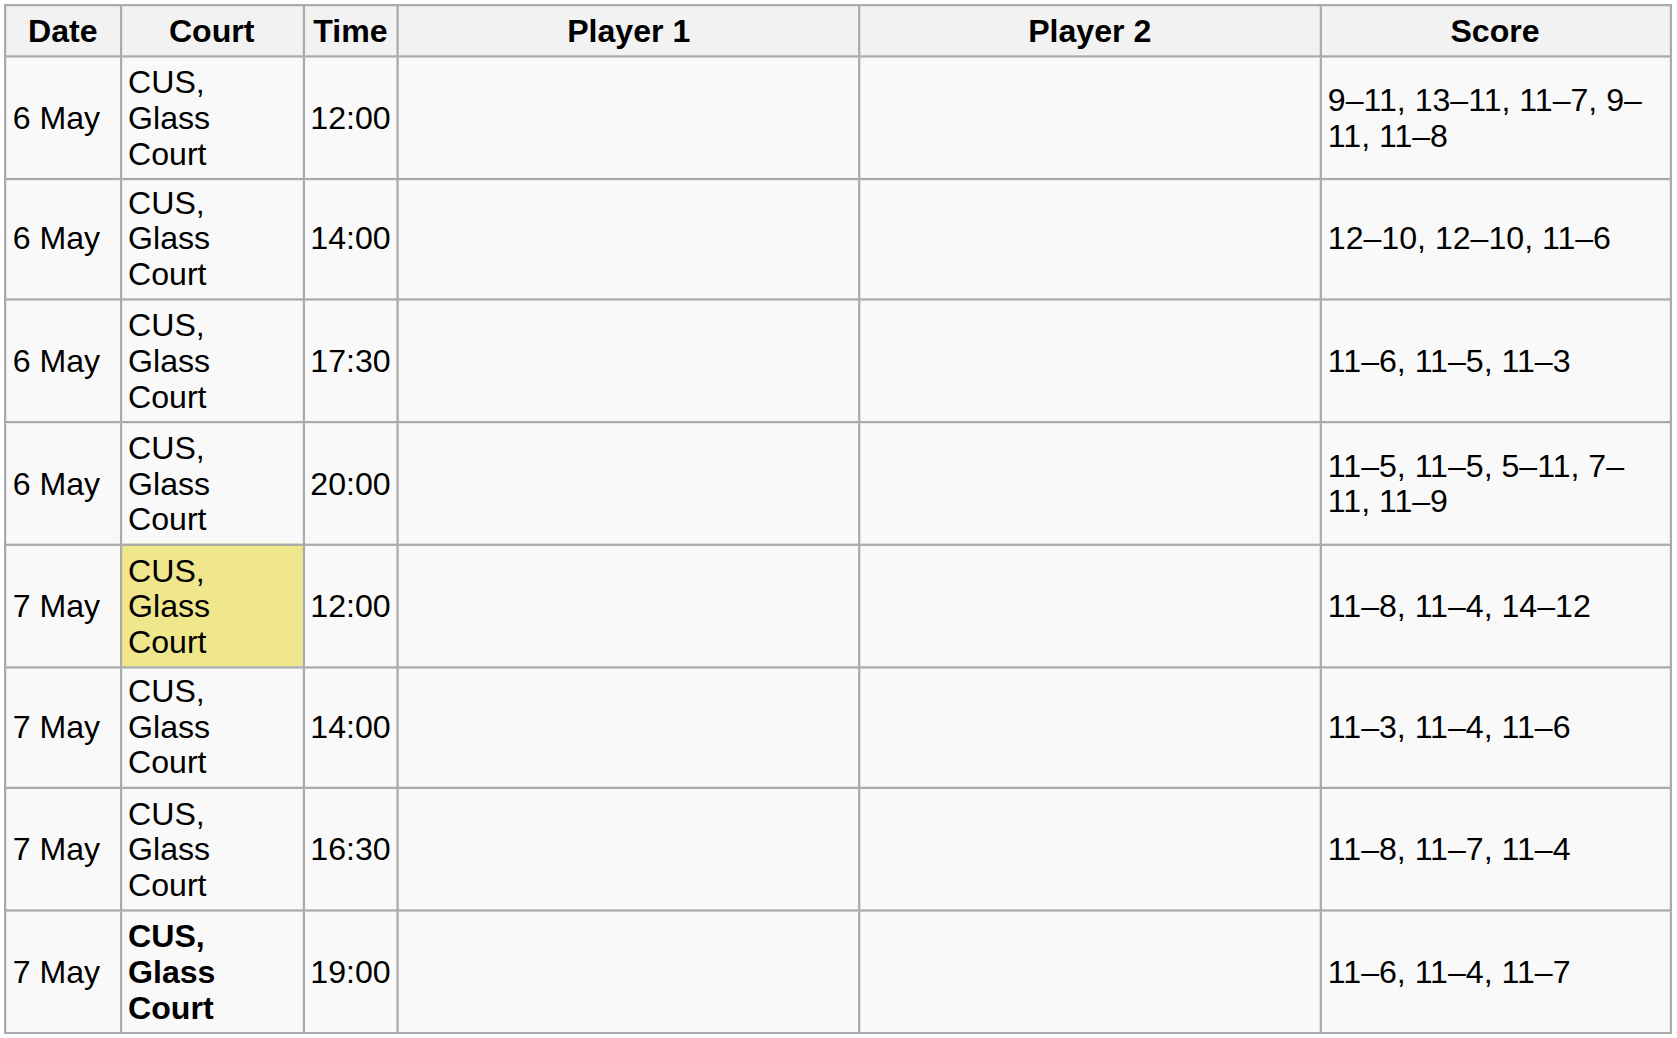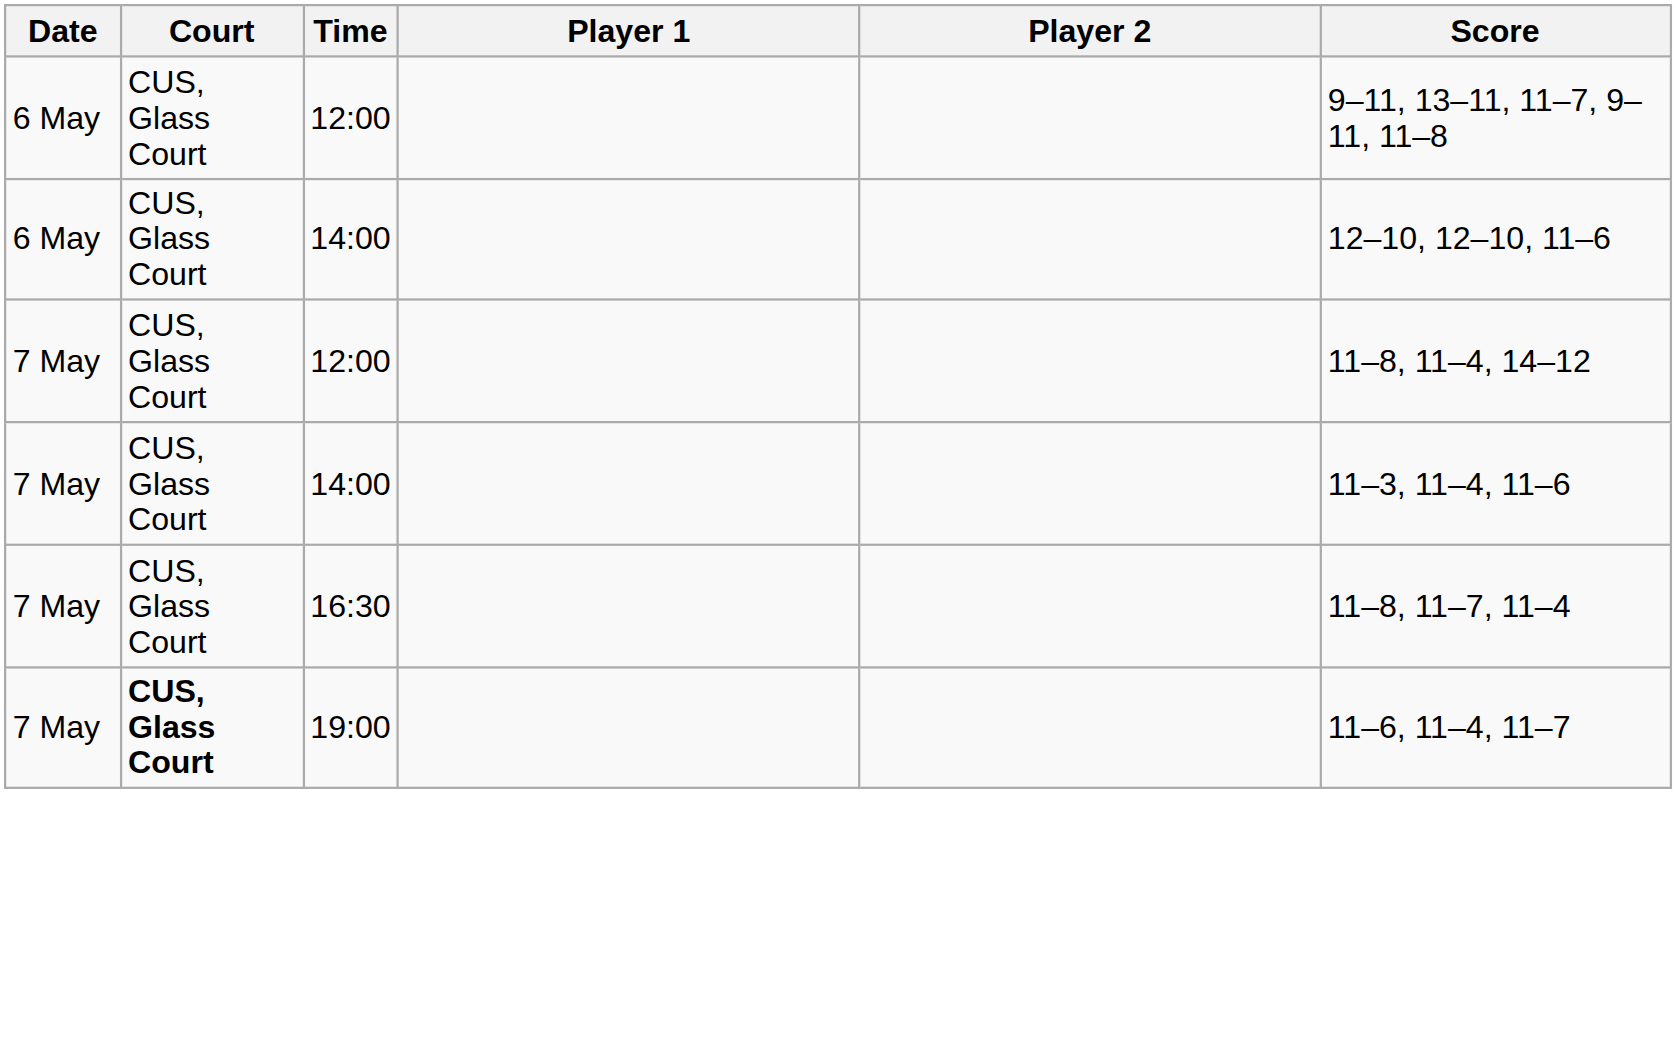 <table class="sortable wikitable" style="font-size:90%">
 <tr>
 <th width="45" class="unsortable">Date</th>
 <th width="75">Court</th>
 <th width="30">Time</th>
 <th width="200">Player 1</th>
 <th width="200">Player 2</th>
 <th width="150" class="unsortable">Score</th>
 </tr>
 <tr>
 <td>6 May</td>
 <td>CUS, Glass Court</td>
 <td>12:00</td>
 <td><strong></strong></td>
 <td></td>
 <td>9–11, 13–11, 11–7, 9–11, 11–8</td>
 </tr>
 <tr>
 <td>6 May</td>
 <td>CUS, Glass Court</td>
 <td>14:00</td>
 <td></td>
 <td><strong></strong></td>
 <td>12–10, 12–10, 11–6</td>
 </tr>
 <tr>
-<td>6 May</td>
+<td>7 May</td>
 <td>CUS, Glass Court</td>
-<td>17:30</td>
-<td><strong></strong></td>
-<td></td>
-<td>11–6, 11–5, 11–3</td>
-</tr>
-<tr>
-<td>6 May</td>
-<td>CUS, Glass Court</td>
-<td>20:00</td>
-<td></td>
-<td><strong></strong></td>
-<td>11–5, 11–5, 5–11, 7–11, 11–9</td>
-</tr>
-<tr>
-<td>7 May</td>
-<td style="background: khaki;">CUS, Glass Court</td>
 <td>12:00</td>
 <td></td>
 <td><strong></strong></td>
 <td>11–8, 11–4, 14–12</td>
 </tr>
 <tr>
 <td>7 May</td>
 <td>CUS, Glass Court</td>
 <td>14:00</td>
 <td></td>
 <td><strong></strong></td>
 <td>11–3, 11–4, 11–6</td>
 </tr>
 <tr>
 <td>7 May</td>
 <td>CUS, Glass Court</td>
 <td>16:30</td>
 <td><strong></strong></td>
 <td></td>
 <td>11–8, 11–7, 11–4</td>
 </tr>
 <tr>
 <td>7 May</td>
 <td><strong>CUS, Glass Court</strong></td>
 <td>19:00</td>
 <td><strong></strong></td>
 <td></td>
 <td>11–6, 11–4, 11–7</td>
 </tr>
 </table>
